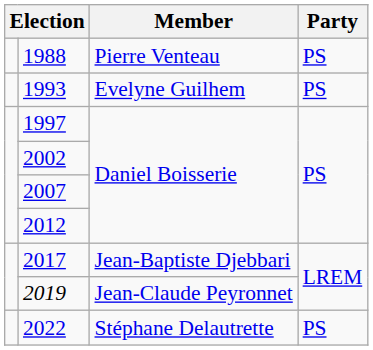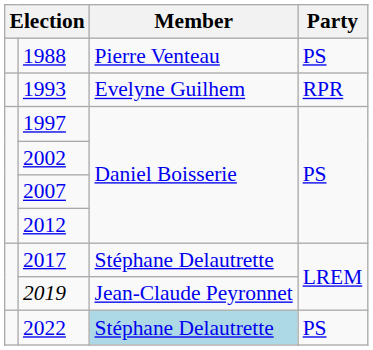 <table class="wikitable">
 <tr>
 <th colspan=2>Election</th>
 <th>Member</th>
 <th>Party</th>
 </tr>
 <tr>
 <td style="background-color: "></td>
 <td><a href='#'>1988</a></td>
 <td><a href='#'>Pierre Venteau</a></td>
 <td><a href='#'>PS</a></td>
 </tr>
 <tr>
 <td style="background-color: "></td>
 <td><a href='#'>1993</a></td>
 <td><a href='#'>Evelyne Guilhem</a></td>
-<td><a href='#'>PS</a></td>
+<td><a href='#'>RPR</a></td>
 </tr>
 <tr>
 <td rowspan="4" style="background-color: "></td>
 <td><a href='#'>1997</a></td>
 <td rowspan="4"><a href='#'>Daniel Boisserie</a></td>
 <td rowspan="4"><a href='#'>PS</a></td>
 </tr>
 <tr>
 <td><a href='#'>2002</a></td>
 </tr>
 <tr>
 <td><a href='#'>2007</a></td>
 </tr>
 <tr>
 <td><a href='#'>2012</a></td>
 </tr>
 <tr>
 <td rowspan="2" style="background-color: "></td>
 <td><a href='#'>2017</a></td>
-<td><a href='#'>Jean-Baptiste Djebbari</a></td>
+<td><a href='#'>Stéphane Delautrette</a></td>
 <td rowspan="2"><a href='#'>LREM</a></td>
 </tr>
 <tr>
 <td><em>2019</em></td>
 <td><a href='#'>Jean-Claude Peyronnet</a></td>
 </tr>
 <tr>
 <td style="background-color: "></td>
 <td><a href='#'>2022</a></td>
-<td><a href='#'>Stéphane Delautrette</a></td>
+<td style="background: lightblue;"><a href='#'>Stéphane Delautrette</a></td>
 <td><a href='#'>PS</a></td>
 </tr>
 </table>
